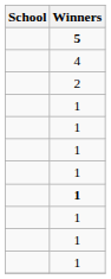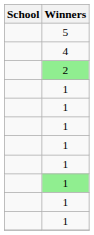 <table class="wikitable sortable" style="font-size: 95%;text-align: center;">
 <tr>
 <th>School</th>
 <th>Winners</th>
 </tr>
 <tr>
 <td><strong><a href='#'></a></strong></td>
-<td><strong>5</strong></td>
+<td>5</td>
 </tr>
 <tr>
 <td><strong><a href='#'></a></strong></td>
 <td>4</td>
 </tr>
 <tr>
 <td><strong><a href='#'></a></strong></td>
-<td>2</td>
+<td style="background: lightgreen;">2</td>
 </tr>
 <tr>
 <td><strong><a href='#'></a></strong></td>
 <td>1</td>
 </tr>
 <tr>
 <td><strong><a href='#'></a></strong></td>
 <td>1</td>
 </tr>
 <tr>
 <td><strong><a href='#'></a></strong></td>
 <td>1</td>
 </tr>
 <tr>
 <td><strong><a href='#'></a></strong></td>
 <td>1</td>
 </tr>
 <tr>
 <td><strong><a href='#'></a></strong></td>
-<td><strong>1</strong></td>
+<td>1</td>
 </tr>
 <tr>
 <td><strong><a href='#'></a></strong></td>
-<td>1</td>
+<td style="background: lightgreen;">1</td>
 </tr>
 <tr>
 <td><strong><a href='#'></a></strong></td>
 <td>1</td>
 </tr>
 <tr>
 <td><strong><a href='#'></a></strong></td>
 <td>1</td>
 </tr>
 <tr>
 </tr>
 </table>
